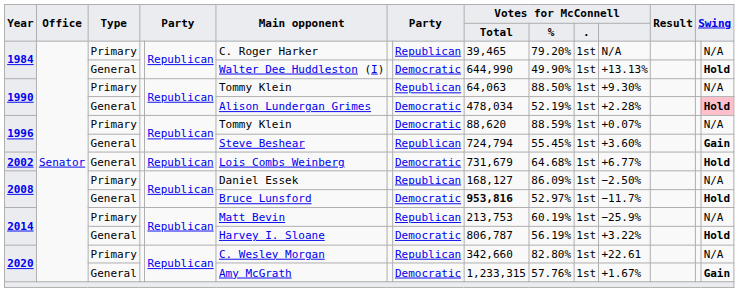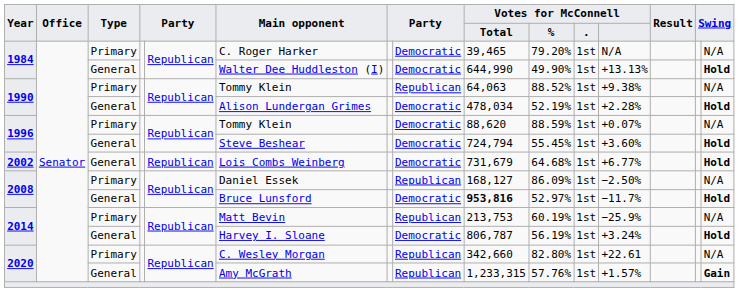 <table class="wikitable" style="font-size: 90%;">
 <tr>
 <th style="background-color:#EAECF0;" rowspan=2>Year</th>
 <th style="background-color:#EAECF0;" rowspan=2>Office</th>
 <th style="background-color:#EAECF0;" rowspan=2>Type</th>
 <th style="background-color:#EAECF0;" colspan=2 rowspan=2>Party</th>
 <th style="background-color:#EAECF0;" rowspan=2>Main opponent</th>
 <th style="background-color:#EAECF0;" colspan=2 rowspan=2>Party</th>
 <th style="background-color:#EAECF0;" colspan=4>Votes for McConnell</th>
 <th style="background-color:#EAECF0;" rowspan=2>Result</th>
 <th style="background-color:#EAECF0;" colspan=2 rowspan=2><a href='#'>Swing</a></th>
 </tr>
 <tr>
 <th style="background-color:#EAECF0;">Total</th>
 <th style="background-color:#EAECF0;">%</th>
 <th style="background-color:#EAECF0;">.</th>
 <th style="background-color:#EAECF0;"></th>
 </tr>
 <tr>
 <th style="background-color:#EAECF0;" rowspan=2><strong><a href='#'>1984</a></strong></th>
 <td rowspan=13><a href='#'>Senator</a></td>
 <td>Primary</td>
 <td rowspan=2 style="background-color:"></td>
 <td rowspan=2><a href='#'>Republican</a></td>
 <td>C. Roger Harker</td>
 <td style="background-color:"></td>
-<td><a href='#'>Republican</a></td>
+<td><a href='#'>Democratic</a></td>
 <td>39,465</td>
 <td>79.20%</td>
 <td>1st</td>
 <td>N/A</td>
 <td></td>
 <td style="background-color:"></td>
 <td>N/A</td>
 </tr>
 <tr>
 <td>General</td>
 <td><a href='#'>Walter Dee Huddleston</a> (<a href='#'>I</a>)</td>
 <td style="background-color:"></td>
 <td><a href='#'>Democratic</a></td>
 <td>644,990</td>
 <td>49.90%</td>
 <td>1st</td>
 <td>+13.13%</td>
 <td></td>
 <td style="background-color:"></td>
 <td><strong>Hold</strong></td>
 </tr>
 <tr>
 <th style="background-color:#EAECF0;" rowspan=2><strong><a href='#'>1990</a></strong></th>
 <td>Primary</td>
 <td rowspan=2 style="background-color:"></td>
 <td rowspan=2><a href='#'>Republican</a></td>
 <td>Tommy Klein</td>
 <td style="background-color:"></td>
 <td><a href='#'>Republican</a></td>
 <td>64,063</td>
-<td>88.50%</td>
+<td>88.52%</td>
 <td>1st</td>
-<td>+9.30%</td>
+<td>+9.38%</td>
 <td></td>
 <td style="background-color:"></td>
 <td>N/A</td>
 </tr>
 <tr>
 <td>General</td>
 <td><a href='#'>Alison Lundergan Grimes</a></td>
 <td style="background-color:"></td>
 <td><a href='#'>Democratic</a></td>
 <td>478,034</td>
 <td>52.19%</td>
 <td>1st</td>
 <td>+2.28%</td>
 <td></td>
 <td style="background-color:"></td>
-<td style="background: pink;"><strong>Hold</strong></td>
+<td><strong>Hold</strong></td>
 </tr>
 <tr>
 <th style="background-color:#EAECF0;" rowspan=2><strong><a href='#'>1996</a></strong></th>
 <td>Primary</td>
 <td rowspan=2 style="background-color:"></td>
 <td rowspan=2><a href='#'>Republican</a></td>
 <td>Tommy Klein</td>
 <td style="background-color:"></td>
 <td><a href='#'>Democratic</a></td>
 <td>88,620</td>
 <td>88.59%</td>
 <td>1st</td>
 <td>+0.07%</td>
 <td></td>
 <td style="background-color:"></td>
 <td>N/A</td>
 </tr>
 <tr>
 <td>General</td>
 <td><a href='#'>Steve Beshear</a></td>
 <td style="background-color:"></td>
-<td><a href='#'>Republican</a></td>
+<td><a href='#'>Democratic</a></td>
 <td>724,794</td>
 <td>55.45%</td>
 <td>1st</td>
 <td>+3.60%</td>
 <td></td>
 <td style="background-color:"></td>
-<td><strong>Gain</strong></td>
+<td><strong>Hold</strong></td>
 </tr>
 <tr>
 <th style="background-color:#EAECF0;"><strong><a href='#'>2002</a></strong></th>
 <td>General</td>
 <td style="background-color:"></td>
 <td><a href='#'>Republican</a></td>
 <td><a href='#'>Lois Combs Weinberg</a></td>
 <td style="background-color:"></td>
 <td><a href='#'>Democratic</a></td>
 <td>731,679</td>
 <td>64.68%</td>
 <td>1st</td>
 <td>+6.77%</td>
 <td></td>
 <td style="background-color:"></td>
 <td><strong>Hold</strong></td>
 </tr>
 <tr>
 <th style="background-color:#EAECF0;" rowspan=2><strong><a href='#'>2008</a></strong></th>
 <td>Primary</td>
 <td rowspan=2 style="background-color:"></td>
 <td rowspan=2><a href='#'>Republican</a></td>
 <td>Daniel Essek</td>
 <td style="background-color:"></td>
 <td><a href='#'>Republican</a></td>
 <td>168,127</td>
 <td>86.09%</td>
 <td>1st</td>
 <td>−2.50%</td>
 <td></td>
 <td style="background-color:"></td>
 <td>N/A</td>
 </tr>
 <tr>
 <td>General</td>
 <td><a href='#'>Bruce Lunsford</a></td>
 <td style="background-color:"></td>
 <td><a href='#'>Democratic</a></td>
 <td><strong>953,816</strong></td>
 <td>52.97%</td>
 <td>1st</td>
 <td>−11.7%</td>
 <td></td>
 <td style="background-color:"></td>
 <td><strong>Hold</strong></td>
 </tr>
 <tr>
 <th style="background-color:#EAECF0;" rowspan=2><strong><a href='#'>2014</a></strong></th>
 <td>Primary</td>
 <td rowspan=2 style="background-color:"></td>
 <td rowspan=2><a href='#'>Republican</a></td>
 <td><a href='#'>Matt Bevin</a></td>
 <td style="background-color:"></td>
 <td><a href='#'>Republican</a></td>
 <td>213,753</td>
 <td>60.19%</td>
 <td>1st</td>
 <td>−25.9%</td>
 <td></td>
 <td style="background-color:"></td>
 <td>N/A</td>
 </tr>
 <tr>
 <td>General</td>
 <td><a href='#'>Harvey I. Sloane</a></td>
 <td style="background-color:"></td>
 <td><a href='#'>Democratic</a></td>
 <td>806,787</td>
 <td>56.19%</td>
 <td>1st</td>
-<td>+3.22%</td>
+<td>+3.24%</td>
 <td></td>
 <td style="background-color:"></td>
 <td><strong>Hold</strong></td>
 </tr>
 <tr>
 <th style="background-color:#EAECF0;" rowspan=2><strong><a href='#'>2020</a></strong></th>
 <td>Primary</td>
 <td rowspan=2 style="background-color:"></td>
 <td rowspan=2><a href='#'>Republican</a></td>
 <td><a href='#'>C. Wesley Morgan</a></td>
 <td style="background-color:"></td>
 <td><a href='#'>Republican</a></td>
 <td>342,660</td>
 <td>82.80%</td>
 <td>1st</td>
 <td>+22.61</td>
 <td></td>
 <td style="background-color:"></td>
 <td>N/A</td>
 </tr>
 <tr>
 <td>General</td>
 <td><a href='#'>Amy McGrath</a></td>
 <td style="background-color:"></td>
-<td><a href='#'>Democratic</a></td>
+<td><a href='#'>Republican</a></td>
 <td>1,233,315</td>
 <td>57.76%</td>
 <td>1st</td>
-<td>+1.67%</td>
+<td>+1.57%</td>
 <td></td>
 <td style="background-color:"></td>
 <td><strong>Gain</strong></td>
 </tr>
 <tr>
 <th style="background-color:#EAECF0;" colspan=15></th>
 </tr>
 </table>
